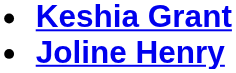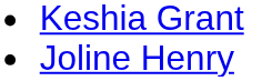 <table>
 <tr>
 <td><strong></strong></td>
 </tr>
 <tr style="vertical-align:top">
-<td><strong><br><ul><li><a href='#'>Keshia Grant</a></li><li><a href='#'>Joline Henry</a></li></ul></strong></td>
+<td><br><ul><li><a href='#'>Keshia Grant</a></li><li><a href='#'>Joline Henry</a></li></ul></td>
 </tr>
 </table>
